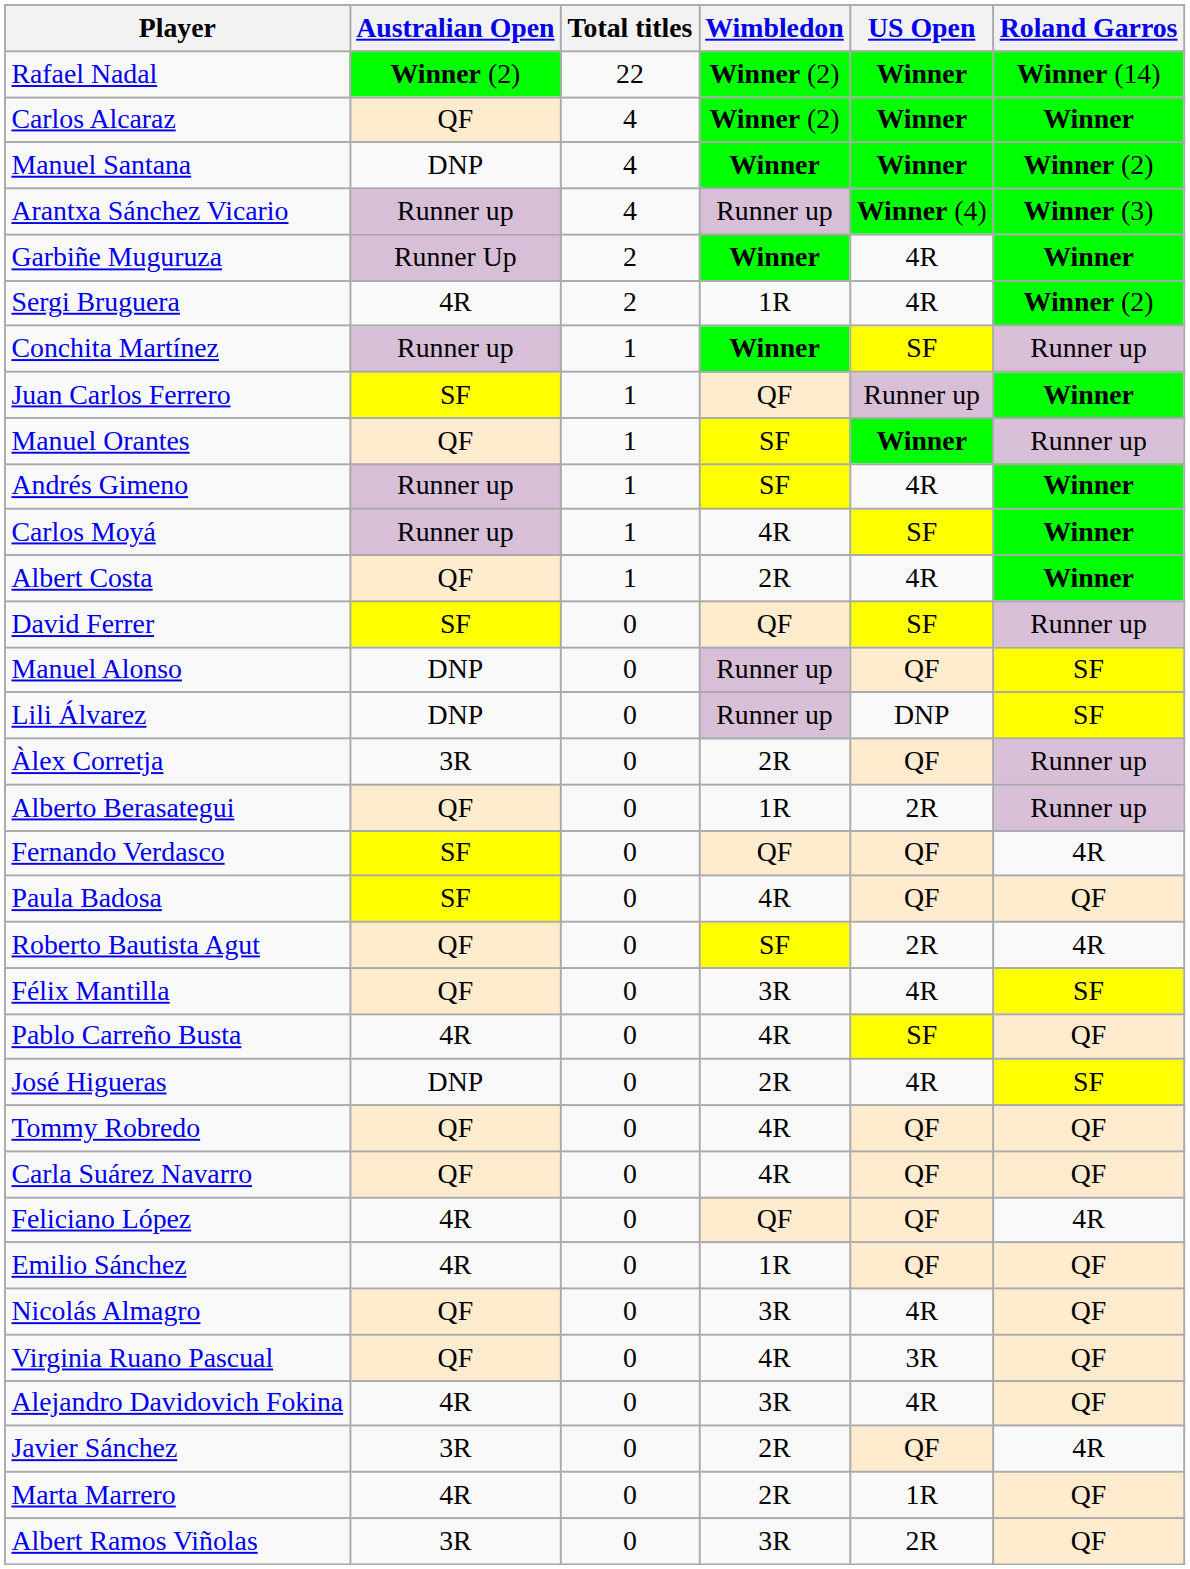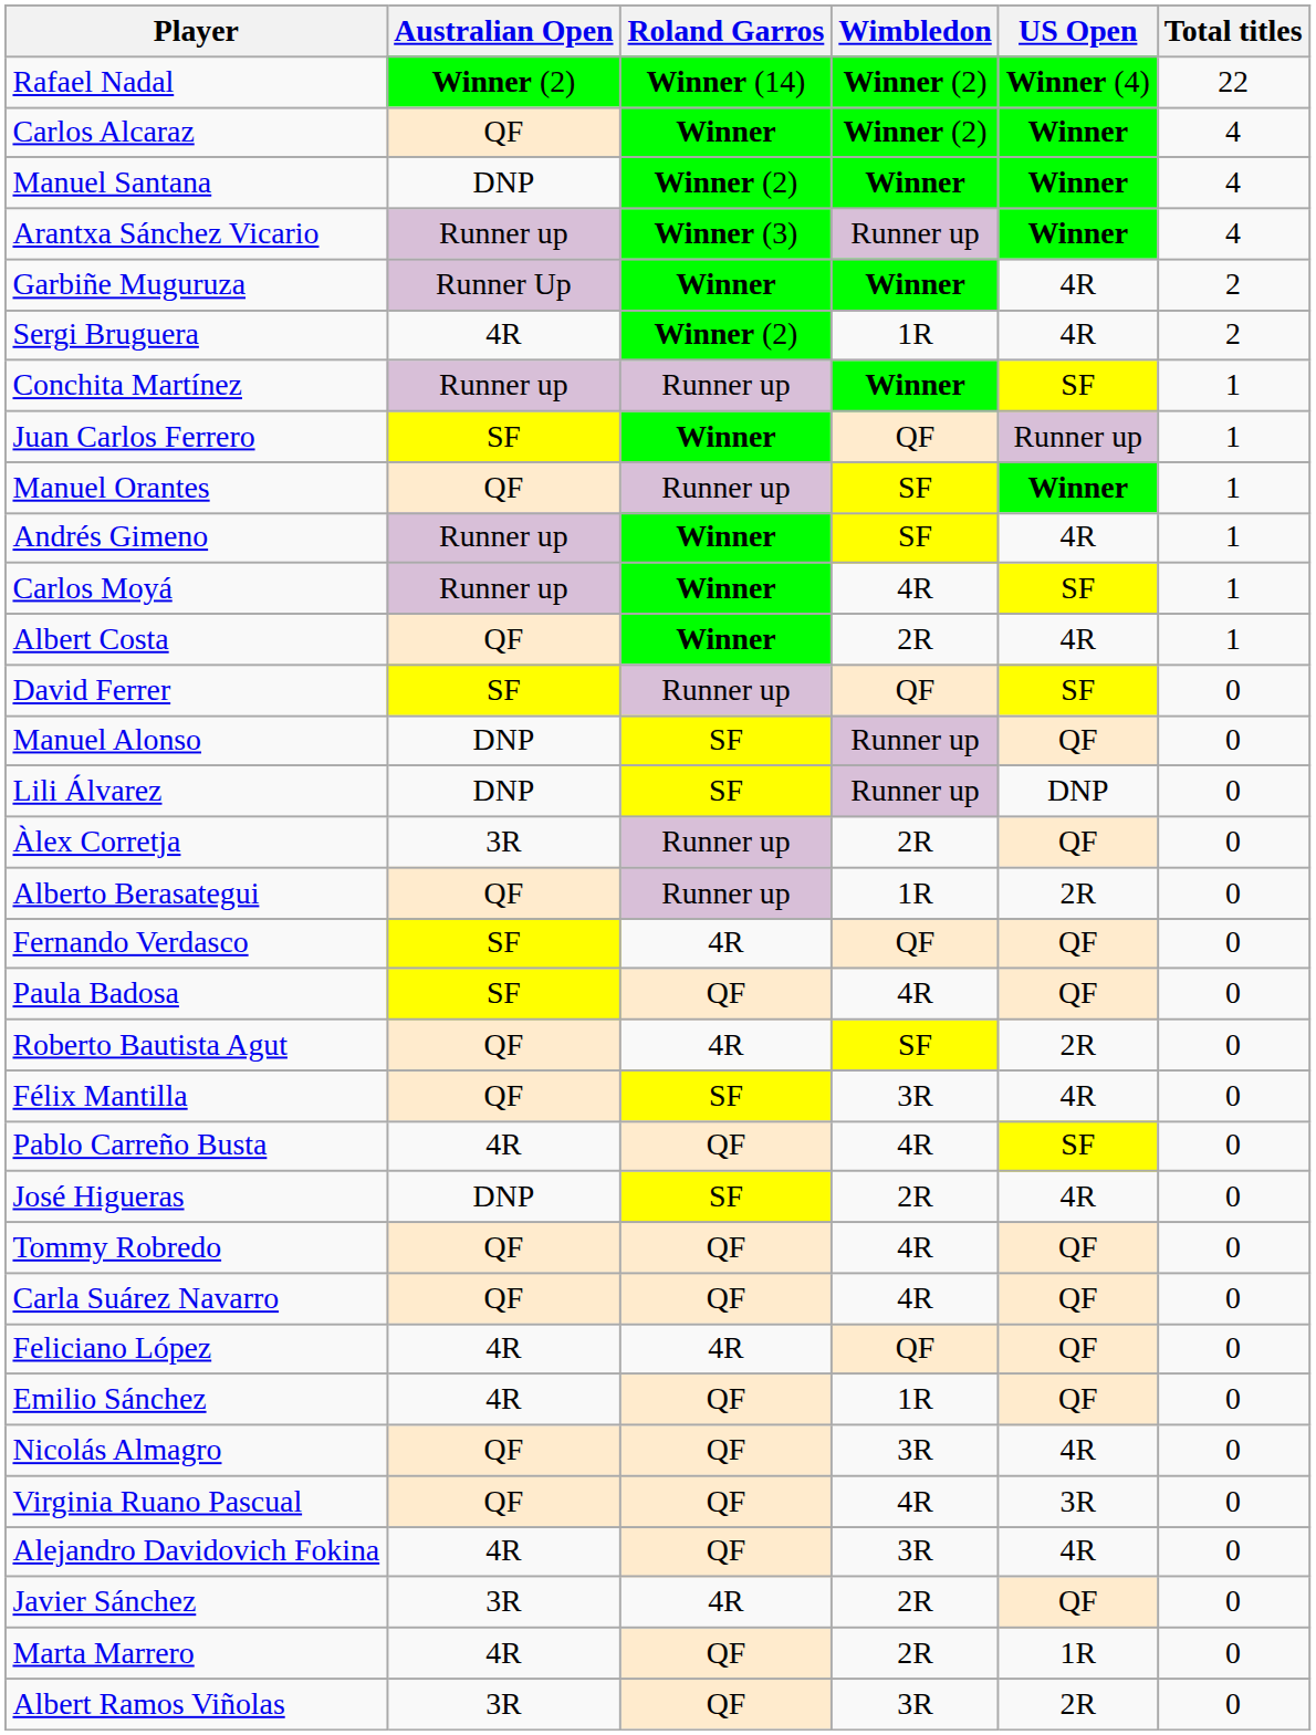 <table class="wikitable" style="font-size:90%">
 <tr>
 <th>Player</th>
 <th><a href='#'>Australian Open</a></th>
-<th>Total titles</th>
+<th><a href='#'>Roland Garros</a></th>
 <th><a href='#'>Wimbledon</a></th>
 <th><a href='#'>US Open</a></th>
-<th><a href='#'>Roland Garros</a></th>
+<th>Total titles</th>
 </tr>
 <tr>
 <td><a href='#'>Rafael Nadal</a></td>
 <td style="text-align:center; background:#0f0;"><strong>Winner</strong> (2)</td>
+<td style="text-align:center; background:#0f0;"><strong>Winner</strong> (14)</td>
+<td style="text-align:center; background:#0f0;"><strong>Winner</strong> (2)</td>
+<td style="text-align:center; background:#0f0;"><strong>Winner</strong> (4)</td>
 <td style="text-align:center;">22</td>
-<td style="text-align:center; background:#0f0;"><strong>Winner</strong> (2)</td>
-<td style="text-align:center; background:#0f0;"><strong>Winner</strong></td>
-<td style="text-align:center; background:#0f0;"><strong>Winner</strong> (14)</td>
 </tr>
 <tr>
 <td><a href='#'>Carlos Alcaraz</a></td>
 <td style="text-align:center; background:#ffebcd;">QF</td>
-<td style="text-align:center;">4</td>
+<td style="text-align:center; background:#0f0"><strong>Winner</strong></td>
 <td style="text-align:center; background:#0f0"><strong>Winner</strong> (2)</td>
 <td style="text-align:center; background:#0f0;"><strong>Winner</strong></td>
-<td style="text-align:center; background:#0f0"><strong>Winner</strong></td>
+<td style="text-align:center;">4</td>
 </tr>
 <tr>
 <td><a href='#'>Manuel Santana</a></td>
 <td style="text-align:center;">DNP</td>
-<td style="text-align:center;">4</td>
+<td style="text-align:center; background:#0f0;"><strong>Winner</strong> (2)</td>
 <td style="text-align:center; background:#0f0;"><strong>Winner</strong></td>
 <td style="text-align:center; background:#0f0;"><strong>Winner</strong></td>
-<td style="text-align:center; background:#0f0;"><strong>Winner</strong> (2)</td>
+<td style="text-align:center;">4</td>
 </tr>
 <tr>
 <td><a href='#'>Arantxa Sánchez Vicario</a></td>
 <td style="text-align:center; background:thistle;">Runner up</td>
+<td style="text-align:center; background:#0f0;"><strong>Winner</strong> (3)</td>
+<td style="text-align:center; background:thistle;">Runner up</td>
+<td style="text-align:center; background:#0f0;"><strong>Winner</strong></td>
 <td style="text-align:center;">4</td>
-<td style="text-align:center; background:thistle;">Runner up</td>
-<td style="text-align:center; background:#0f0;"><strong>Winner</strong> (4)</td>
-<td style="text-align:center; background:#0f0;"><strong>Winner</strong> (3)</td>
 </tr>
 <tr>
 <td><a href='#'>Garbiñe Muguruza</a></td>
 <td style="text-align:center; background:Thistle">Runner Up</td>
-<td style="text-align:center;">2</td>
+<td style="text-align:center; background:#0f0;"><strong>Winner</strong></td>
 <td style="text-align:center; background:#0f0;"><strong>Winner</strong></td>
 <td style="text-align:center;">4R</td>
-<td style="text-align:center; background:#0f0;"><strong>Winner</strong></td>
+<td style="text-align:center;">2</td>
 </tr>
 <tr>
 <td><a href='#'>Sergi Bruguera</a></td>
 <td style="text-align:center;">4R</td>
-<td style="text-align:center;">2</td>
+<td style="text-align:center; background:#0f0;"><strong>Winner</strong> (2)</td>
 <td style="text-align:center;">1R</td>
 <td style="text-align:center;">4R</td>
-<td style="text-align:center; background:#0f0;"><strong>Winner</strong> (2)</td>
+<td style="text-align:center;">2</td>
 </tr>
 <tr>
 <td><a href='#'>Conchita Martínez</a></td>
 <td style="text-align:center; background:thistle;">Runner up</td>
-<td style="text-align:center;">1</td>
+<td style="text-align:center; background:thistle;">Runner up</td>
 <td style="text-align:center; background:#0f0;"><strong>Winner</strong></td>
 <td style="text-align:center; background:yellow;">SF</td>
-<td style="text-align:center; background:thistle;">Runner up</td>
+<td style="text-align:center;">1</td>
 </tr>
 <tr>
 <td><a href='#'>Juan Carlos Ferrero</a></td>
 <td style="text-align:center; background:yellow;">SF</td>
-<td style="text-align:center;">1</td>
+<td style="text-align:center; background:#0f0;"><strong>Winner</strong></td>
 <td style="text-align:center; background:#ffebcd;">QF</td>
 <td style="text-align:center; background:thistle;">Runner up</td>
-<td style="text-align:center; background:#0f0;"><strong>Winner</strong></td>
+<td style="text-align:center;">1</td>
 </tr>
 <tr>
 <td><a href='#'>Manuel Orantes</a></td>
 <td style="text-align:center; background:#ffebcd;">QF</td>
-<td style="text-align:center;">1</td>
+<td style="text-align:center; background:thistle;">Runner up</td>
 <td style="text-align:center; background:yellow;">SF</td>
 <td style="text-align:center; background:#0f0;"><strong>Winner</strong></td>
-<td style="text-align:center; background:thistle;">Runner up</td>
+<td style="text-align:center;">1</td>
 </tr>
 <tr>
 <td><a href='#'>Andrés Gimeno</a></td>
 <td style="text-align:center; background:thistle;">Runner up</td>
-<td style="text-align:center;">1</td>
+<td style="text-align:center; background:#0f0;"><strong>Winner</strong></td>
 <td style="text-align:center; background:yellow;">SF</td>
 <td style="text-align:center;">4R</td>
-<td style="text-align:center; background:#0f0;"><strong>Winner</strong></td>
+<td style="text-align:center;">1</td>
 </tr>
 <tr>
 <td><a href='#'>Carlos Moyá</a></td>
 <td style="text-align:center; background:thistle;">Runner up</td>
-<td style="text-align:center;">1</td>
+<td style="text-align:center; background:#0f0;"><strong>Winner</strong></td>
 <td style="text-align:center;">4R</td>
 <td style="text-align:center; background:yellow;">SF</td>
-<td style="text-align:center; background:#0f0;"><strong>Winner</strong></td>
+<td style="text-align:center;">1</td>
 </tr>
 <tr>
 <td><a href='#'>Albert Costa</a></td>
 <td style="text-align:center; background:#ffebcd;">QF</td>
-<td style="text-align:center;">1</td>
+<td style="text-align:center; background:#0f0;"><strong>Winner</strong></td>
 <td style="text-align:center;">2R</td>
 <td style="text-align:center;">4R</td>
-<td style="text-align:center; background:#0f0;"><strong>Winner</strong></td>
+<td style="text-align:center;">1</td>
 </tr>
 <tr>
 <td><a href='#'>David Ferrer</a></td>
 <td style="text-align:center; background:yellow;">SF</td>
-<td style="text-align:center;">0</td>
+<td style="text-align:center; background:thistle;">Runner up</td>
 <td style="text-align:center; background:#ffebcd;">QF</td>
 <td style="text-align:center; background:yellow;">SF</td>
-<td style="text-align:center; background:thistle;">Runner up</td>
+<td style="text-align:center;">0</td>
 </tr>
 <tr>
 <td><a href='#'>Manuel Alonso</a></td>
 <td style="text-align:center;">DNP</td>
-<td style="text-align:center;">0</td>
+<td style="text-align:center; background:yellow;">SF</td>
 <td style="text-align:center; background:thistle;">Runner up</td>
 <td style="text-align:center; background:#ffebcd;">QF</td>
-<td style="text-align:center; background:yellow;">SF</td>
+<td style="text-align:center;">0</td>
 </tr>
 <tr>
 <td><a href='#'>Lili Álvarez</a></td>
 <td style="text-align:center;">DNP</td>
-<td style="text-align:center;">0</td>
+<td style="text-align:center; background:yellow;">SF</td>
 <td style="text-align:center; background:thistle;">Runner up</td>
 <td style="text-align:center;">DNP</td>
-<td style="text-align:center; background:yellow;">SF</td>
+<td style="text-align:center;">0</td>
 </tr>
 <tr>
 <td><a href='#'>Àlex Corretja</a></td>
 <td style="text-align:center;">3R</td>
-<td style="text-align:center;">0</td>
+<td style="text-align:center; background:thistle;">Runner up</td>
 <td style="text-align:center;">2R</td>
 <td style="text-align:center; background:#ffebcd;">QF</td>
-<td style="text-align:center; background:thistle;">Runner up</td>
+<td style="text-align:center;">0</td>
 </tr>
 <tr>
 <td><a href='#'>Alberto Berasategui</a></td>
 <td style="text-align:center; background:#ffebcd;">QF</td>
-<td style="text-align:center;">0</td>
+<td style="text-align:center; background:thistle;">Runner up</td>
 <td style="text-align:center;">1R</td>
 <td style="text-align:center;">2R</td>
-<td style="text-align:center; background:thistle;">Runner up</td>
+<td style="text-align:center;">0</td>
 </tr>
 <tr>
 <td><a href='#'>Fernando Verdasco</a></td>
 <td style="text-align:center; background:yellow;">SF</td>
-<td style="text-align:center;">0</td>
+<td style="text-align:center;">4R</td>
 <td style="text-align:center; background:#ffebcd;">QF</td>
 <td style="text-align:center; background:#ffebcd;">QF</td>
-<td style="text-align:center;">4R</td>
+<td style="text-align:center;">0</td>
 </tr>
 <tr>
 <td><a href='#'>Paula Badosa</a></td>
 <td style="text-align:center; background:yellow;">SF</td>
-<td style="text-align:center;">0</td>
+<td style="text-align:center; background:#ffebcd;">QF</td>
 <td style="text-align:center;">4R</td>
 <td style="text-align:center; background:#ffebcd;">QF</td>
-<td style="text-align:center; background:#ffebcd;">QF</td>
+<td style="text-align:center;">0</td>
 </tr>
 <tr>
 <td><a href='#'>Roberto Bautista Agut</a></td>
 <td style="text-align:center; background:#ffebcd;">QF</td>
-<td style="text-align:center;">0</td>
+<td style="text-align:center;”">4R</td>
 <td style="text-align:center; background:yellow;">SF</td>
 <td style="text-align:center;">2R</td>
-<td style="text-align:center;”">4R</td>
+<td style="text-align:center;">0</td>
 </tr>
 <tr>
 <td><a href='#'>Félix Mantilla</a></td>
 <td style="text-align:center; background:#ffebcd;">QF</td>
-<td style="text-align:center;">0</td>
+<td style="text-align:center; background:yellow;">SF</td>
 <td style="text-align:center;">3R</td>
 <td style="text-align:center;">4R</td>
-<td style="text-align:center; background:yellow;">SF</td>
+<td style="text-align:center;">0</td>
 </tr>
 <tr>
 <td><a href='#'>Pablo Carreño Busta</a></td>
 <td style="text-align:center;">4R</td>
-<td style="text-align:center;">0</td>
+<td style="text-align:center; background:#ffebcd;">QF</td>
 <td style="text-align:center;">4R</td>
 <td style="text-align:center; background:yellow;">SF</td>
-<td style="text-align:center; background:#ffebcd;">QF</td>
+<td style="text-align:center;">0</td>
 </tr>
 <tr>
 <td><a href='#'>José Higueras</a></td>
 <td style="text-align:center;">DNP</td>
-<td style="text-align:center;">0</td>
+<td style="text-align:center; background:yellow;">SF</td>
 <td style="text-align:center;">2R</td>
 <td style="text-align:center;">4R</td>
-<td style="text-align:center; background:yellow;">SF</td>
+<td style="text-align:center;">0</td>
 </tr>
 <tr>
 <td><a href='#'>Tommy Robredo</a></td>
 <td style="text-align:center; background:#ffebcd;">QF</td>
-<td style="text-align:center;">0</td>
+<td style="text-align:center; background:#ffebcd;">QF</td>
 <td style="text-align:center;">4R</td>
 <td style="text-align:center; background:#ffebcd;">QF</td>
-<td style="text-align:center; background:#ffebcd;">QF</td>
+<td style="text-align:center;">0</td>
 </tr>
 <tr>
 <td><a href='#'>Carla Suárez Navarro</a></td>
 <td style="text-align:center; background:#ffebcd;">QF</td>
-<td style="text-align:center;">0</td>
+<td style="text-align:center; background:#ffebcd;">QF</td>
 <td style="text-align:center;">4R</td>
 <td style="text-align:center;background:#ffebcd;">QF</td>
-<td style="text-align:center; background:#ffebcd;">QF</td>
+<td style="text-align:center;">0</td>
 </tr>
 <tr>
 <td><a href='#'>Feliciano López</a></td>
 <td style="text-align:center;">4R</td>
-<td style="text-align:center;">0</td>
+<td style="text-align:center;">4R</td>
 <td style="text-align:center; background:#ffebcd;">QF</td>
 <td style="text-align:center; background:#ffebcd;">QF</td>
-<td style="text-align:center;">4R</td>
+<td style="text-align:center;">0</td>
 </tr>
 <tr>
 <td><a href='#'>Emilio Sánchez</a></td>
 <td style="text-align:center;">4R</td>
-<td style="text-align:center;">0</td>
+<td style="text-align:center; background:#ffebcd;">QF</td>
 <td style="text-align:center;">1R</td>
 <td style="text-align:center; background:#ffebcd;">QF</td>
-<td style="text-align:center; background:#ffebcd;">QF</td>
+<td style="text-align:center;">0</td>
 </tr>
 <tr>
 <td><a href='#'>Nicolás Almagro</a></td>
 <td style="text-align:center; background:#ffebcd;">QF</td>
-<td style="text-align:center;">0</td>
+<td style="text-align:center; background:#ffebcd;">QF</td>
 <td style="text-align:center;">3R</td>
 <td style="text-align:center;">4R</td>
-<td style="text-align:center; background:#ffebcd;">QF</td>
+<td style="text-align:center;">0</td>
 </tr>
 <tr>
 <td><a href='#'>Virginia Ruano Pascual</a></td>
 <td style="text-align:center; background:#ffebcd;">QF</td>
-<td style="text-align:center;">0</td>
+<td style="text-align:center; background:#ffebcd;">QF</td>
 <td style="text-align:center;">4R</td>
 <td style="text-align:center;">3R</td>
-<td style="text-align:center; background:#ffebcd;">QF</td>
+<td style="text-align:center;">0</td>
 </tr>
 <tr>
 <td><a href='#'>Alejandro Davidovich Fokina</a></td>
 <td style="text-align:center;">4R</td>
-<td style="text-align:center;">0</td>
+<td style="text-align:center; background:#ffebcd;">QF</td>
 <td style="text-align:center;">3R</td>
 <td style="text-align:center;">4R</td>
-<td style="text-align:center; background:#ffebcd;">QF</td>
+<td style="text-align:center;">0</td>
 </tr>
 <tr>
 <td><a href='#'>Javier Sánchez</a></td>
 <td style="text-align:center;">3R</td>
-<td style="text-align:center;">0</td>
+<td style="text-align:center;">4R</td>
 <td style="text-align:center;">2R</td>
 <td style="text-align:center; background:#ffebcd;">QF</td>
-<td style="text-align:center;">4R</td>
+<td style="text-align:center;">0</td>
 </tr>
 <tr>
 <td><a href='#'>Marta Marrero</a></td>
 <td style="text-align:center;">4R</td>
-<td style="text-align:center;">0</td>
+<td style="text-align:center; background:#ffebcd;">QF</td>
 <td style="text-align:center;">2R</td>
 <td style="text-align:center;">1R</td>
-<td style="text-align:center; background:#ffebcd;">QF</td>
+<td style="text-align:center;">0</td>
 </tr>
 <tr>
 <td><a href='#'>Albert Ramos Viñolas</a></td>
 <td style="text-align:center;">3R</td>
-<td style="text-align:center;">0</td>
+<td style="text-align:center; background:#ffebcd;">QF</td>
 <td style="text-align:center;">3R</td>
 <td style="text-align:center;">2R</td>
-<td style="text-align:center; background:#ffebcd;">QF</td>
+<td style="text-align:center;">0</td>
 </tr>
 </table>
